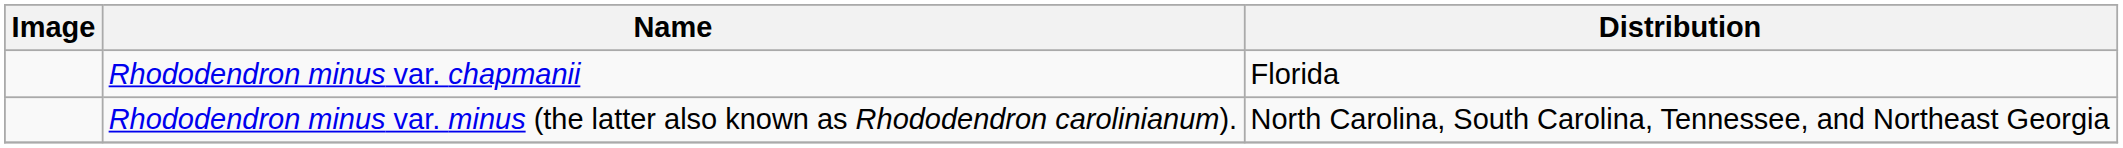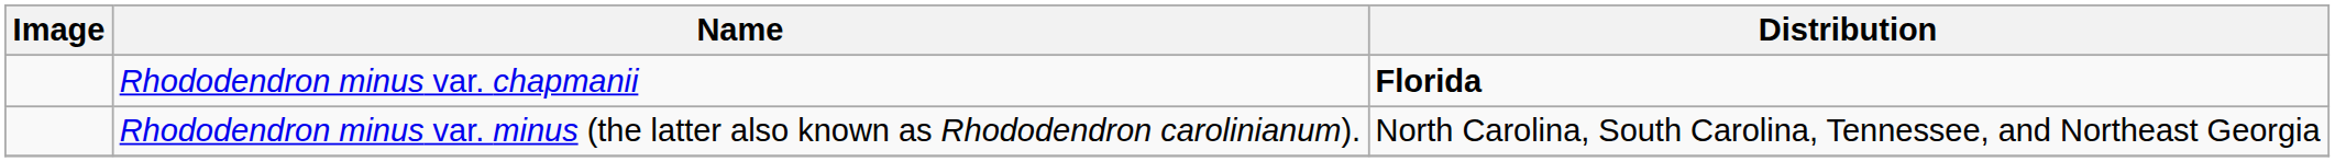 <table class="wikitable collapsible">
 <tr>
 <th>Image</th>
 <th>Name</th>
 <th>Distribution</th>
 </tr>
 <tr>
 <td></td>
 <td><a href='#'><em>Rhododendron minus</em> var. <em>chapmanii</em></a></td>
-<td>Florida</td>
+<td><strong>Florida</strong></td>
 </tr>
 <tr>
 <td></td>
 <td><a href='#'><em>Rhododendron minus</em> var. <em>minus</em></a> (the latter also known as <em>Rhododendron carolinianum</em>).</td>
 <td>North Carolina, South Carolina, Tennessee, and Northeast Georgia</td>
 </tr>
 <tr>
 </tr>
 </table>
